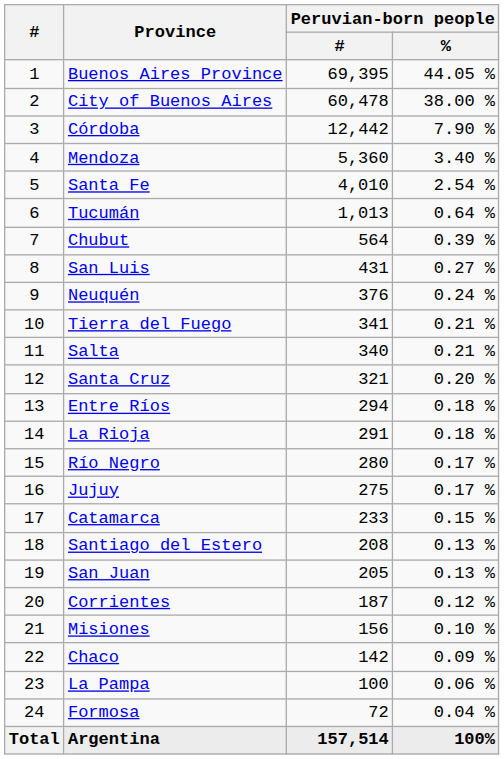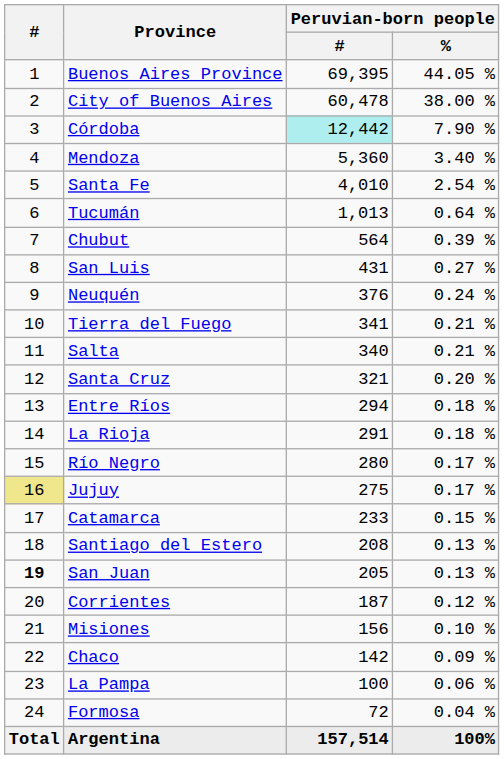 <table class="wikitable sortable">
 <tr>
 <th rowspan="2">#</th>
 <th rowspan="2">Province</th>
 <th colspan="2">Peruvian-born people</th>
 </tr>
 <tr>
 <th>#</th>
 <th>%</th>
 </tr>
 <tr>
 <td align=center>1</td>
 <td> <a href='#'>Buenos Aires Province</a></td>
 <td align=right>69,395</td>
 <td align=right>44.05 %</td>
 </tr>
 <tr>
 <td align=center>2</td>
 <td> <a href='#'>City of Buenos Aires</a></td>
 <td align=right>60,478</td>
 <td align=right>38.00 %</td>
 </tr>
 <tr>
 <td align=center>3</td>
 <td> <a href='#'>Córdoba</a></td>
-<td align=right>12,442</td>
+<td align=right style="background: paleturquoise;">12,442</td>
 <td align=right>7.90 %</td>
 </tr>
 <tr>
 <td align=center>4</td>
 <td> <a href='#'>Mendoza</a></td>
 <td align=right>5,360</td>
 <td align=right>3.40 %</td>
 </tr>
 <tr>
 <td align=center>5</td>
 <td> <a href='#'>Santa Fe</a></td>
 <td align=right>4,010</td>
 <td align=right>2.54 %</td>
 </tr>
 <tr>
 <td align=center>6</td>
 <td> <a href='#'>Tucumán</a></td>
 <td align=right>1,013</td>
 <td align=right>0.64 %</td>
 </tr>
 <tr>
 <td align=center>7</td>
 <td> <a href='#'>Chubut</a></td>
 <td align=right>564</td>
 <td align=right>0.39 %</td>
 </tr>
 <tr>
 <td align=center>8</td>
 <td> <a href='#'>San Luis</a></td>
 <td align=right>431</td>
 <td align=right>0.27 %</td>
 </tr>
 <tr>
 <td align=center>9</td>
 <td> <a href='#'>Neuquén</a></td>
 <td align=right>376</td>
 <td align=right>0.24 %</td>
 </tr>
 <tr>
 <td align=center>10</td>
 <td> <a href='#'>Tierra del Fuego</a></td>
 <td align=right>341</td>
 <td align=right>0.21 %</td>
 </tr>
 <tr>
 <td align=center>11</td>
 <td> <a href='#'>Salta</a></td>
 <td align=right>340</td>
 <td align=right>0.21 %</td>
 </tr>
 <tr>
 <td align=center>12</td>
 <td> <a href='#'>Santa Cruz</a></td>
 <td align=right>321</td>
 <td align=right>0.20 %</td>
 </tr>
 <tr>
 <td align=center>13</td>
 <td> <a href='#'>Entre Ríos</a></td>
 <td align=right>294</td>
 <td align=right>0.18 %</td>
 </tr>
 <tr>
 <td align=center>14</td>
 <td> <a href='#'>La Rioja</a></td>
 <td align=right>291</td>
 <td align=right>0.18 %</td>
 </tr>
 <tr>
 <td align=center>15</td>
 <td> <a href='#'>Río Negro</a></td>
 <td align=right>280</td>
 <td align=right>0.17 %</td>
 </tr>
 <tr>
-<td align=center>16</td>
+<td align=center style="background: khaki;">16</td>
 <td> <a href='#'>Jujuy</a></td>
 <td align=right>275</td>
 <td align=right>0.17 %</td>
 </tr>
 <tr>
 <td align=center>17</td>
 <td> <a href='#'>Catamarca</a></td>
 <td align=right>233</td>
 <td align=right>0.15 %</td>
 </tr>
 <tr>
 <td align=center>18</td>
 <td> <a href='#'>Santiago del Estero</a></td>
 <td align=right>208</td>
 <td align=right>0.13 %</td>
 </tr>
 <tr>
-<td align=center>19</td>
+<td align=center><strong>19</strong></td>
 <td> <a href='#'>San Juan</a></td>
 <td align=right>205</td>
 <td align=right>0.13 %</td>
 </tr>
 <tr>
 <td align=center>20</td>
 <td> <a href='#'>Corrientes</a></td>
 <td align=right>187</td>
 <td align=right>0.12 %</td>
 </tr>
 <tr>
 <td align=center>21</td>
 <td> <a href='#'>Misiones</a></td>
 <td align=right>156</td>
 <td align=right>0.10 %</td>
 </tr>
 <tr>
 <td align=center>22</td>
 <td> <a href='#'>Chaco</a></td>
 <td align=right>142</td>
 <td align=right>0.09 %</td>
 </tr>
 <tr>
 <td align=center>23</td>
 <td> <a href='#'>La Pampa</a></td>
 <td align=right>100</td>
 <td align=right>0.06 %</td>
 </tr>
 <tr>
 <td align=center>24</td>
 <td> <a href='#'>Formosa</a></td>
 <td align=right>72</td>
 <td align=right>0.04 %</td>
 </tr>
 <tr>
 <th>Total</th>
 <td style="background:#ececec;" align=left> <strong>Argentina</strong></td>
 <td style="background:#ececec;" align=right><strong>157,514</strong></td>
 <td style="background:#ececec;"  align=right><strong>100%</strong></td>
 </tr>
 </table>
